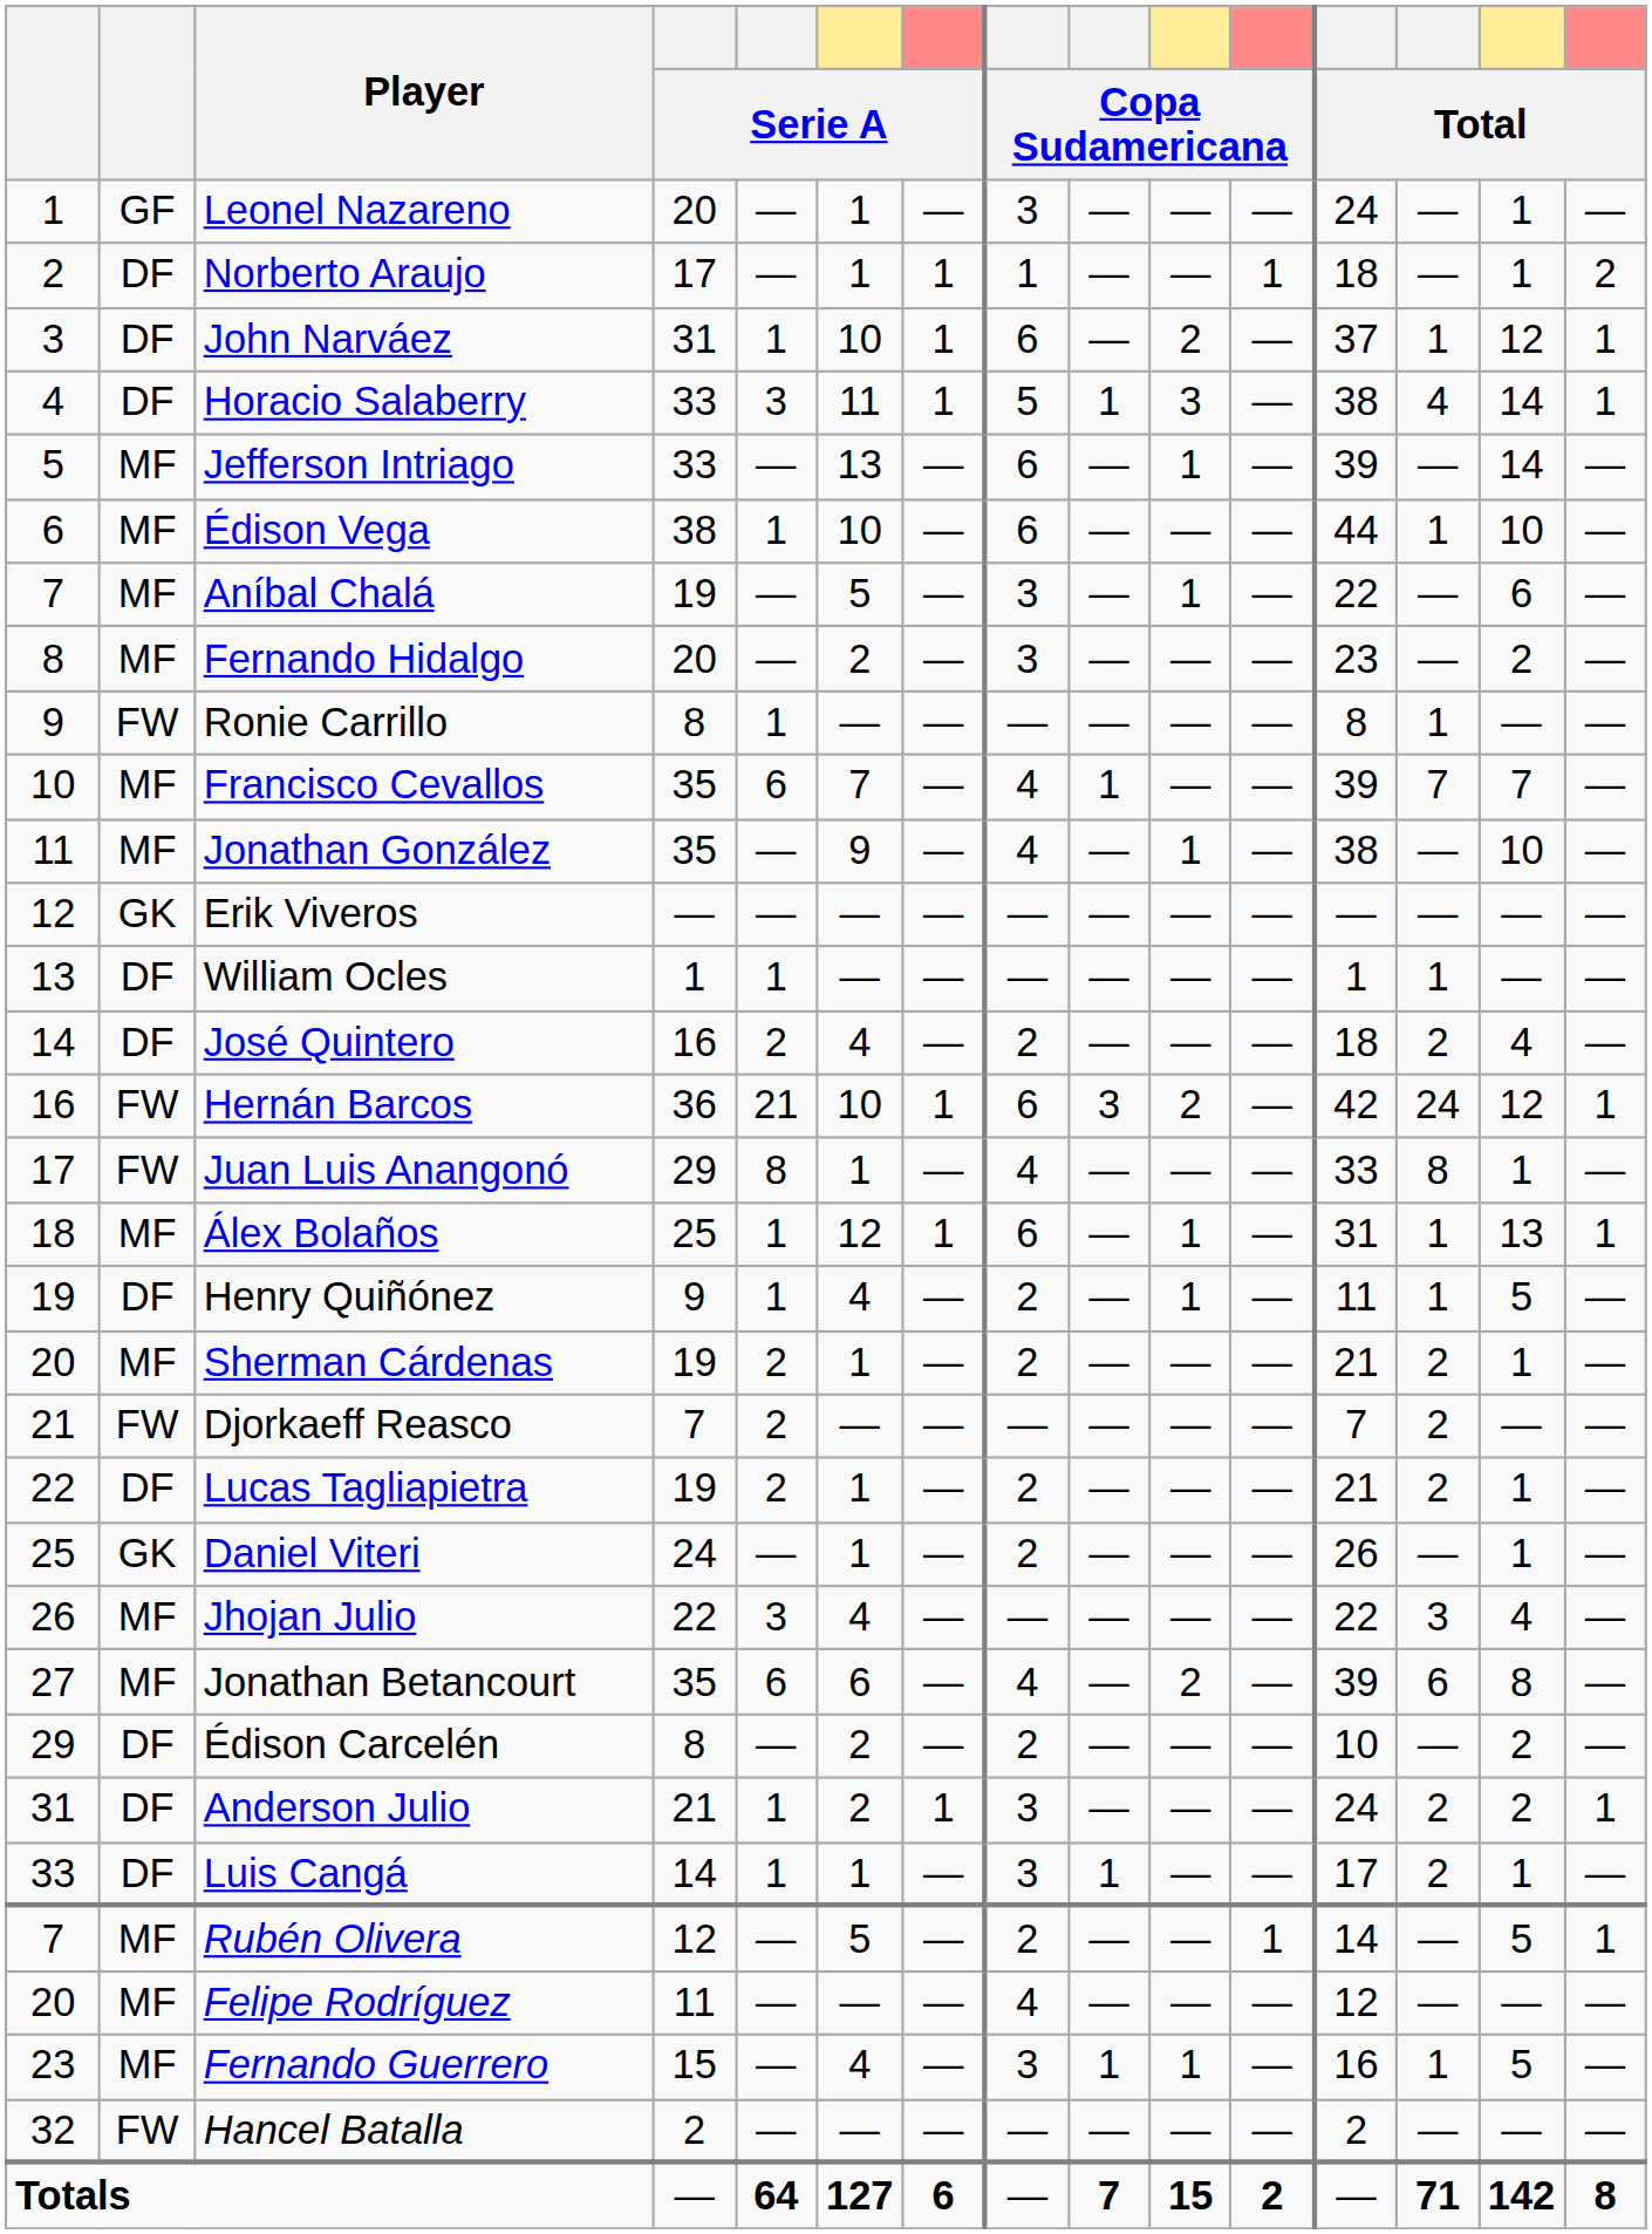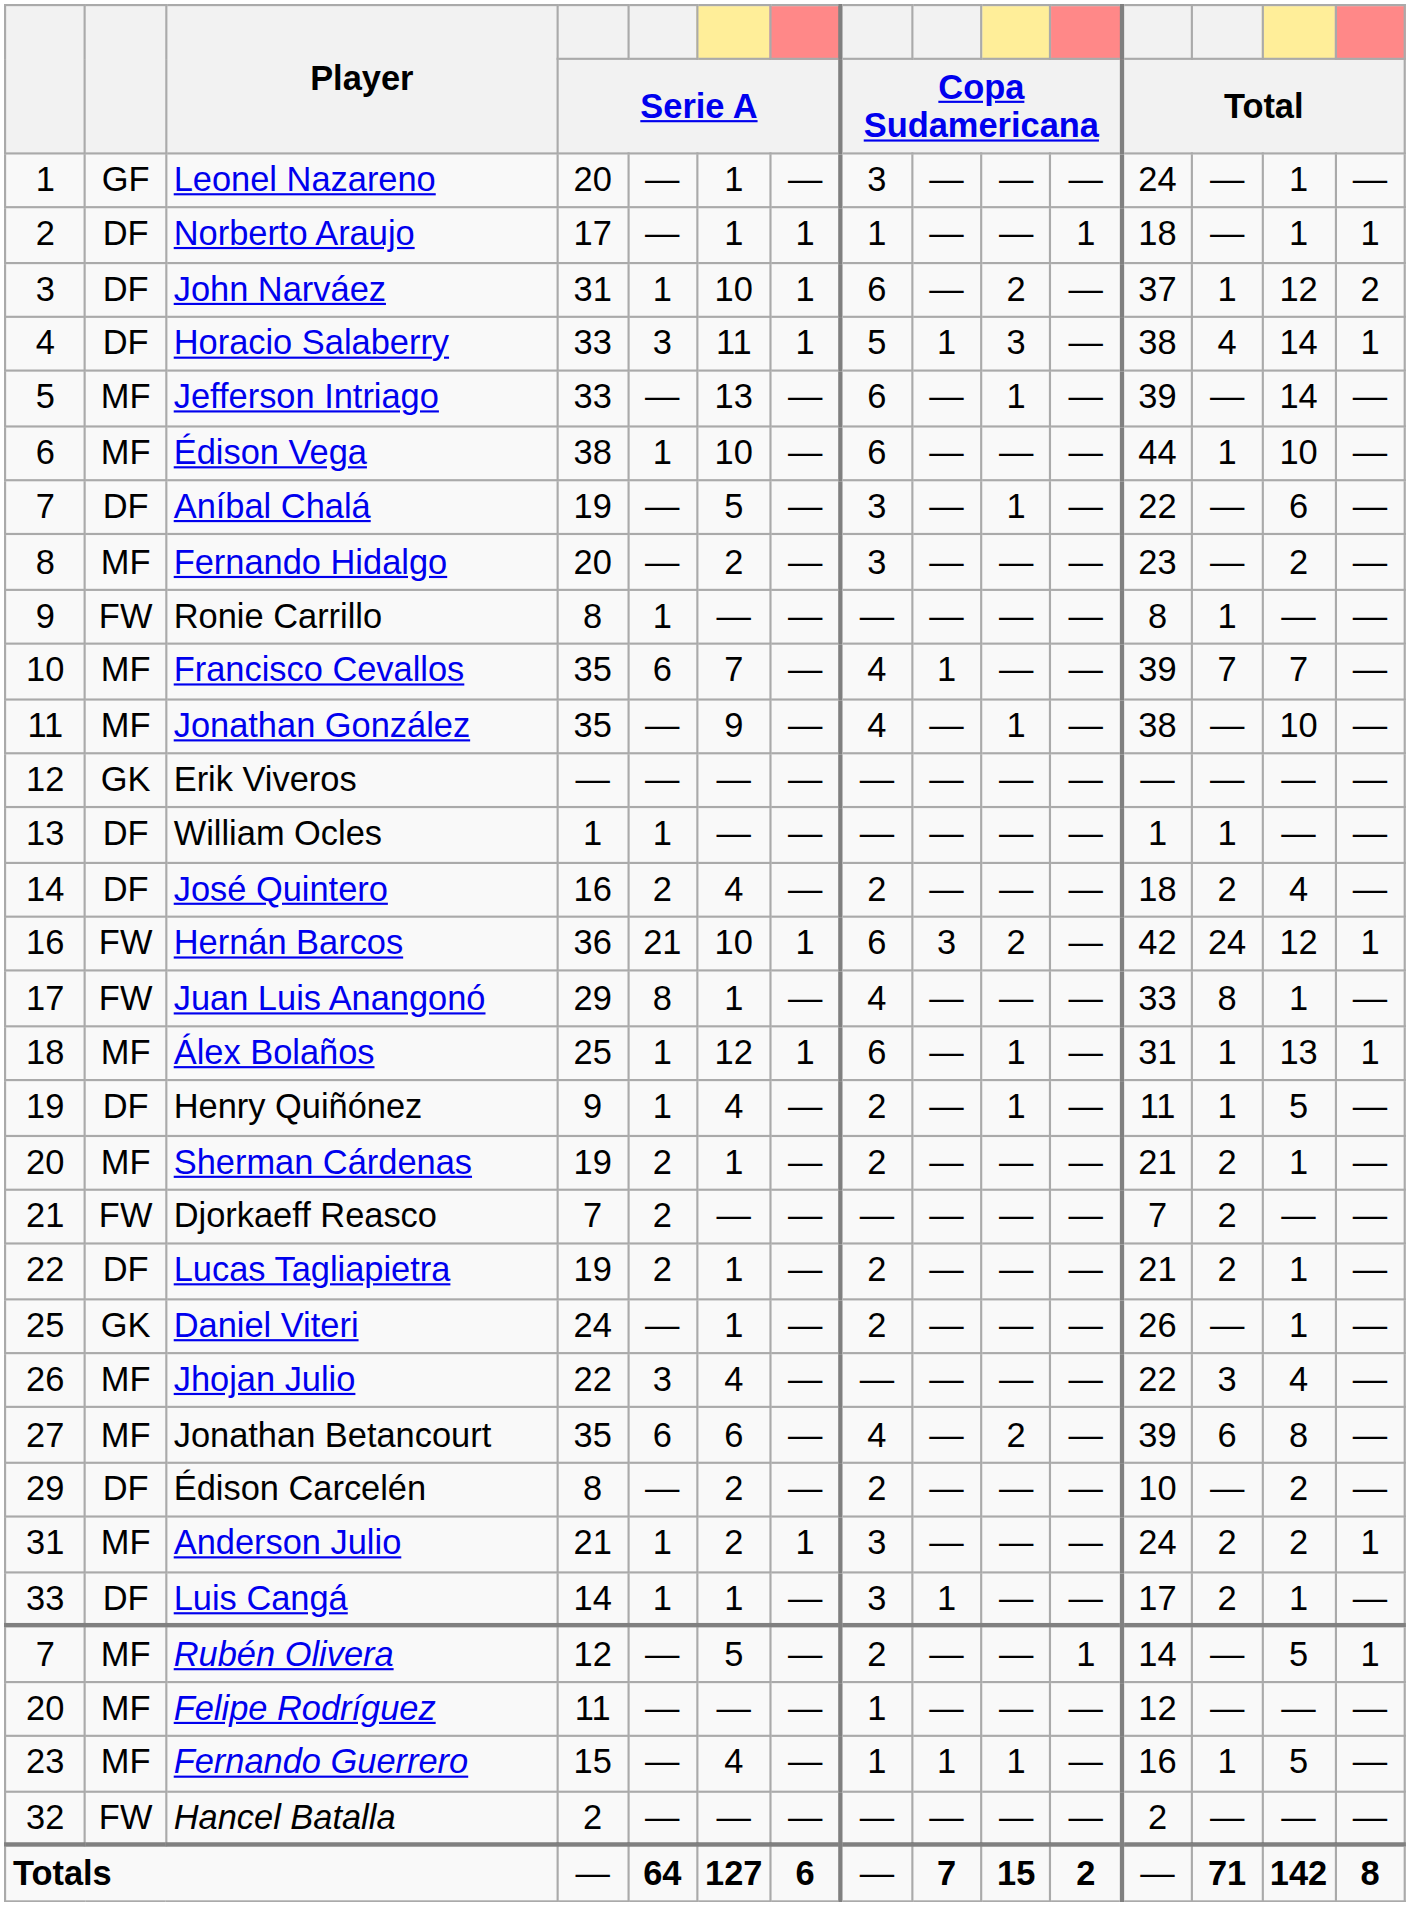 <table class="wikitable sortable" style="text-align: center;">
 <tr>
 <th rowspan="2" width=30 align="center"><br></th>
 <th rowspan="2" width=30 align="center"><br></th>
 <th rowspan="2" width=175 align="center">Player<br></th>
 <th width=25 style="background:"><br></th>
 <th width=25 style="background:"><br></th>
 <th width=25 style="background: #FFEE99"><br></th>
 <th width=25 style="border-right:2px solid grey; background:#FF8888"><br></th>
 <th width=25 style="background:"><br></th>
 <th width=25 style="background:"><br></th>
 <th width=25 style="background: #FFEE99"><br></th>
 <th width=25 style="border-right:2px solid grey; background:#FF8888"><br></th>
 <th width=25 style="background:"><br></th>
 <th width=25 style="background:"><br></th>
 <th width=25 style="background: #FFEE99"><br></th>
 <th width=25 style="background: #FF8888"><br></th>
 </tr>
 <tr class="sortbottom">
 <th colspan="4" style="border-right:2px solid grey;" align="center"><a href='#'>Serie A</a></th>
 <th colspan="4" style="border-right:2px solid grey;" align="center"><a href='#'>Copa<br>Sudamericana</a></th>
 <th colspan="4" align="center">Total</th>
 </tr>
 <tr>
 <td>1</td>
 <td>GF</td>
 <td align=left><a href='#'>Leonel Nazareno</a></td>
 <td>20</td>
 <td>—</td>
 <td>1</td>
 <td>—</td>
 <td style="border-left:2px solid grey">3</td>
 <td>—</td>
 <td>—</td>
 <td>—</td>
 <td style="border-left:2px solid grey">24</td>
 <td>—</td>
 <td>1</td>
 <td>—</td>
 </tr>
 <tr>
 <td>2</td>
 <td>DF</td>
 <td align=left><a href='#'>Norberto Araujo</a></td>
 <td>17</td>
 <td>—</td>
 <td>1</td>
 <td>1</td>
 <td style="border-left:2px solid grey">1</td>
 <td>—</td>
 <td>—</td>
 <td>1</td>
 <td style="border-left:2px solid grey">18</td>
 <td>—</td>
 <td>1</td>
-<td>2</td>
+<td>1</td>
 </tr>
 <tr>
 <td>3</td>
 <td>DF</td>
 <td align=left><a href='#'>John Narváez</a></td>
 <td>31</td>
 <td>1</td>
 <td>10</td>
 <td>1</td>
 <td style="border-left:2px solid grey">6</td>
 <td>—</td>
 <td>2</td>
 <td>—</td>
 <td style="border-left:2px solid grey">37</td>
 <td>1</td>
 <td>12</td>
-<td>1</td>
+<td>2</td>
 </tr>
 <tr>
 <td>4</td>
 <td>DF</td>
 <td align=left><a href='#'>Horacio Salaberry</a></td>
 <td>33</td>
 <td>3</td>
 <td>11</td>
 <td>1</td>
 <td style="border-left:2px solid grey">5</td>
 <td>1</td>
 <td>3</td>
 <td>—</td>
 <td style="border-left:2px solid grey">38</td>
 <td>4</td>
 <td>14</td>
 <td>1</td>
 </tr>
 <tr>
 <td>5</td>
 <td>MF</td>
 <td align=left><a href='#'>Jefferson Intriago</a></td>
 <td>33</td>
 <td>—</td>
 <td>13</td>
 <td>—</td>
 <td style="border-left:2px solid grey">6</td>
 <td>—</td>
 <td>1</td>
 <td>—</td>
 <td style="border-left:2px solid grey">39</td>
 <td>—</td>
 <td>14</td>
 <td>—</td>
 </tr>
 <tr>
 <td>6</td>
 <td>MF</td>
 <td align=left><a href='#'>Édison Vega</a></td>
 <td>38</td>
 <td>1</td>
 <td>10</td>
 <td>—</td>
 <td style="border-left:2px solid grey">6</td>
 <td>—</td>
 <td>—</td>
 <td>—</td>
 <td style="border-left:2px solid grey">44</td>
 <td>1</td>
 <td>10</td>
 <td>—</td>
 </tr>
 <tr>
 <td>7</td>
-<td>MF</td>
+<td>DF</td>
 <td align=left><a href='#'>Aníbal Chalá</a></td>
 <td>19</td>
 <td>—</td>
 <td>5</td>
 <td>—</td>
 <td style="border-left:2px solid grey">3</td>
 <td>—</td>
 <td>1</td>
 <td>—</td>
 <td style="border-left:2px solid grey">22</td>
 <td>—</td>
 <td>6</td>
 <td>—</td>
 </tr>
 <tr>
 <td>8</td>
 <td>MF</td>
 <td align=left><a href='#'>Fernando Hidalgo</a></td>
 <td>20</td>
 <td>—</td>
 <td>2</td>
 <td>—</td>
 <td style="border-left:2px solid grey">3</td>
 <td>—</td>
 <td>—</td>
 <td>—</td>
 <td style="border-left:2px solid grey">23</td>
 <td>—</td>
 <td>2</td>
 <td>—</td>
 </tr>
 <tr>
 <td>9</td>
 <td>FW</td>
 <td align=left>Ronie Carrillo</td>
 <td>8</td>
 <td>1</td>
 <td>—</td>
 <td>—</td>
 <td style="border-left:2px solid grey">—</td>
 <td>—</td>
 <td>—</td>
 <td>—</td>
 <td style="border-left:2px solid grey">8</td>
 <td>1</td>
 <td>—</td>
 <td>—</td>
 </tr>
 <tr>
 <td>10</td>
 <td>MF</td>
 <td align=left><a href='#'>Francisco Cevallos</a></td>
 <td>35</td>
 <td>6</td>
 <td>7</td>
 <td>—</td>
 <td style="border-left:2px solid grey">4</td>
 <td>1</td>
 <td>—</td>
 <td>—</td>
 <td style="border-left:2px solid grey">39</td>
 <td>7</td>
 <td>7</td>
 <td>—</td>
 </tr>
 <tr>
 <td>11</td>
 <td>MF</td>
 <td align=left><a href='#'>Jonathan González</a></td>
 <td>35</td>
 <td>—</td>
 <td>9</td>
 <td>—</td>
 <td style="border-left:2px solid grey">4</td>
 <td>—</td>
 <td>1</td>
 <td>—</td>
 <td style="border-left:2px solid grey">38</td>
 <td>—</td>
 <td>10</td>
 <td>—</td>
 </tr>
 <tr>
 <td>12</td>
 <td>GK</td>
 <td align=left>Erik Viveros</td>
 <td>—</td>
 <td>—</td>
 <td>—</td>
 <td>—</td>
 <td style="border-left:2px solid grey">—</td>
 <td>—</td>
 <td>—</td>
 <td>—</td>
 <td style="border-left:2px solid grey">—</td>
 <td>—</td>
 <td>—</td>
 <td>—</td>
 </tr>
 <tr>
 <td>13</td>
 <td>DF</td>
 <td align=left>William Ocles</td>
 <td>1</td>
 <td>1</td>
 <td>—</td>
 <td>—</td>
 <td style="border-left:2px solid grey">—</td>
 <td>—</td>
 <td>—</td>
 <td>—</td>
 <td style="border-left:2px solid grey">1</td>
 <td>1</td>
 <td>—</td>
 <td>—</td>
 </tr>
 <tr>
 <td>14</td>
 <td>DF</td>
 <td align=left><a href='#'>José Quintero</a></td>
 <td>16</td>
 <td>2</td>
 <td>4</td>
 <td>—</td>
 <td style="border-left:2px solid grey">2</td>
 <td>—</td>
 <td>—</td>
 <td>—</td>
 <td style="border-left:2px solid grey">18</td>
 <td>2</td>
 <td>4</td>
 <td>—</td>
 </tr>
 <tr>
 <td>16</td>
 <td>FW</td>
 <td align=left><a href='#'>Hernán Barcos</a></td>
 <td>36</td>
 <td>21</td>
 <td>10</td>
 <td>1</td>
 <td style="border-left:2px solid grey">6</td>
 <td>3</td>
 <td>2</td>
 <td>—</td>
 <td style="border-left:2px solid grey">42</td>
 <td>24</td>
 <td>12</td>
 <td>1</td>
 </tr>
 <tr>
 <td>17</td>
 <td>FW</td>
 <td align=left><a href='#'>Juan Luis Anangonó</a></td>
 <td>29</td>
 <td>8</td>
 <td>1</td>
 <td>—</td>
 <td style="border-left:2px solid grey">4</td>
 <td>—</td>
 <td>—</td>
 <td>—</td>
 <td style="border-left:2px solid grey">33</td>
 <td>8</td>
 <td>1</td>
 <td>—</td>
 </tr>
 <tr>
 <td>18</td>
 <td>MF</td>
 <td align=left><a href='#'>Álex Bolaños</a></td>
 <td>25</td>
 <td>1</td>
 <td>12</td>
 <td>1</td>
 <td style="border-left:2px solid grey">6</td>
 <td>—</td>
 <td>1</td>
 <td>—</td>
 <td style="border-left:2px solid grey">31</td>
 <td>1</td>
 <td>13</td>
 <td>1</td>
 </tr>
 <tr>
 <td>19</td>
 <td>DF</td>
 <td align=left>Henry Quiñónez</td>
 <td>9</td>
 <td>1</td>
 <td>4</td>
 <td>—</td>
 <td style="border-left:2px solid grey">2</td>
 <td>—</td>
 <td>1</td>
 <td>—</td>
 <td style="border-left:2px solid grey">11</td>
 <td>1</td>
 <td>5</td>
 <td>—</td>
 </tr>
 <tr>
 <td>20</td>
 <td>MF</td>
 <td align=left><a href='#'>Sherman Cárdenas</a></td>
 <td>19</td>
 <td>2</td>
 <td>1</td>
 <td>—</td>
 <td style="border-left:2px solid grey">2</td>
 <td>—</td>
 <td>—</td>
 <td>—</td>
 <td style="border-left:2px solid grey">21</td>
 <td>2</td>
 <td>1</td>
 <td>—</td>
 </tr>
 <tr>
 <td>21</td>
 <td>FW</td>
 <td align=left>Djorkaeff Reasco</td>
 <td>7</td>
 <td>2</td>
 <td>—</td>
 <td>—</td>
 <td style="border-left:2px solid grey">—</td>
 <td>—</td>
 <td>—</td>
 <td>—</td>
 <td style="border-left:2px solid grey">7</td>
 <td>2</td>
 <td>—</td>
 <td>—</td>
 </tr>
 <tr>
 <td>22</td>
 <td>DF</td>
 <td align=left><a href='#'>Lucas Tagliapietra</a></td>
 <td>19</td>
 <td>2</td>
 <td>1</td>
 <td>—</td>
 <td style="border-left:2px solid grey">2</td>
 <td>—</td>
 <td>—</td>
 <td>—</td>
 <td style="border-left:2px solid grey">21</td>
 <td>2</td>
 <td>1</td>
 <td>—</td>
 </tr>
 <tr>
 <td>25</td>
 <td>GK</td>
 <td align=left><a href='#'>Daniel Viteri</a></td>
 <td>24</td>
 <td>—</td>
 <td>1</td>
 <td>—</td>
 <td style="border-left:2px solid grey">2</td>
 <td>—</td>
 <td>—</td>
 <td>—</td>
 <td style="border-left:2px solid grey">26</td>
 <td>—</td>
 <td>1</td>
 <td>—</td>
 </tr>
 <tr>
 <td>26</td>
 <td>MF</td>
 <td align=left><a href='#'>Jhojan Julio</a></td>
 <td>22</td>
 <td>3</td>
 <td>4</td>
 <td>—</td>
 <td style="border-left:2px solid grey">—</td>
 <td>—</td>
 <td>—</td>
 <td>—</td>
 <td style="border-left:2px solid grey">22</td>
 <td>3</td>
 <td>4</td>
 <td>—</td>
 </tr>
 <tr>
 <td>27</td>
 <td>MF</td>
 <td align=left>Jonathan Betancourt</td>
 <td>35</td>
 <td>6</td>
 <td>6</td>
 <td>—</td>
 <td style="border-left:2px solid grey">4</td>
 <td>—</td>
 <td>2</td>
 <td>—</td>
 <td style="border-left:2px solid grey">39</td>
 <td>6</td>
 <td>8</td>
 <td>—</td>
 </tr>
 <tr>
 <td>29</td>
 <td>DF</td>
 <td align=left>Édison Carcelén</td>
 <td>8</td>
 <td>—</td>
 <td>2</td>
 <td>—</td>
 <td style="border-left:2px solid grey">2</td>
 <td>—</td>
 <td>—</td>
 <td>—</td>
 <td style="border-left:2px solid grey">10</td>
 <td>—</td>
 <td>2</td>
 <td>—</td>
 </tr>
 <tr>
 <td>31</td>
-<td>DF</td>
+<td>MF</td>
 <td align=left><a href='#'>Anderson Julio</a></td>
 <td>21</td>
 <td>1</td>
 <td>2</td>
 <td>1</td>
 <td style="border-left:2px solid grey">3</td>
 <td>—</td>
 <td>—</td>
 <td>—</td>
 <td style="border-left:2px solid grey">24</td>
 <td>2</td>
 <td>2</td>
 <td>1</td>
 </tr>
 <tr>
 <td>33</td>
 <td>DF</td>
 <td align=left><a href='#'>Luis Cangá</a></td>
 <td>14</td>
 <td>1</td>
 <td>1</td>
 <td>—</td>
 <td style="border-left:2px solid grey">3</td>
 <td>1</td>
 <td>—</td>
 <td>—</td>
 <td style="border-left:2px solid grey">17</td>
 <td>2</td>
 <td>1</td>
 <td>—</td>
 </tr>
 <tr>
 </tr>
 <tr style="border-top:2px solid grey">
 <td>7</td>
 <td>MF</td>
 <td align=left><em><a href='#'>Rubén Olivera</a></em></td>
 <td>12</td>
 <td>—</td>
 <td>5</td>
 <td>—</td>
 <td style="border-left:2px solid grey">2</td>
 <td>—</td>
 <td>—</td>
 <td>1</td>
 <td style="border-left:2px solid grey">14</td>
 <td>—</td>
 <td>5</td>
 <td>1</td>
 </tr>
 <tr>
 <td>20</td>
 <td>MF</td>
 <td align=left><em><a href='#'>Felipe Rodríguez</a></em></td>
 <td>11</td>
 <td>—</td>
 <td>—</td>
 <td>—</td>
-<td style="border-left:2px solid grey">4</td>
+<td style="border-left:2px solid grey">1</td>
 <td>—</td>
 <td>—</td>
 <td>—</td>
 <td style="border-left:2px solid grey">12</td>
 <td>—</td>
 <td>—</td>
 <td>—</td>
 </tr>
 <tr>
 <td>23</td>
 <td>MF</td>
 <td align=left><em><a href='#'>Fernando Guerrero</a></em></td>
 <td>15</td>
 <td>—</td>
 <td>4</td>
 <td>—</td>
-<td style="border-left:2px solid grey">3</td>
+<td style="border-left:2px solid grey">1</td>
 <td>1</td>
 <td>1</td>
 <td>—</td>
 <td style="border-left:2px solid grey">16</td>
 <td>1</td>
 <td>5</td>
 <td>—</td>
 </tr>
 <tr>
 <td>32</td>
 <td>FW</td>
 <td align=left><em>Hancel Batalla</em></td>
 <td>2</td>
 <td>—</td>
 <td>—</td>
 <td>—</td>
 <td style="border-left:2px solid grey">—</td>
 <td>—</td>
 <td>—</td>
 <td>—</td>
 <td style="border-left:2px solid grey">2</td>
 <td>—</td>
 <td>—</td>
 <td>—</td>
 </tr>
 <tr>
 </tr>
 <tr class="sortbottom" style="border-top:2px solid grey">
 <td colspan=3 align=left><strong>Totals</strong></td>
 <td>—</td>
 <td><strong>64</strong></td>
 <td><strong>127</strong></td>
 <td><strong>6</strong></td>
 <td style="border-left:2px solid grey">—</td>
 <td><strong>7</strong></td>
 <td><strong>15</strong></td>
 <td><strong>2</strong></td>
 <td style="border-left:2px solid grey">—</td>
 <td><strong>71</strong></td>
 <td><strong>142</strong></td>
 <td><strong>8</strong></td>
 </tr>
 </table>
